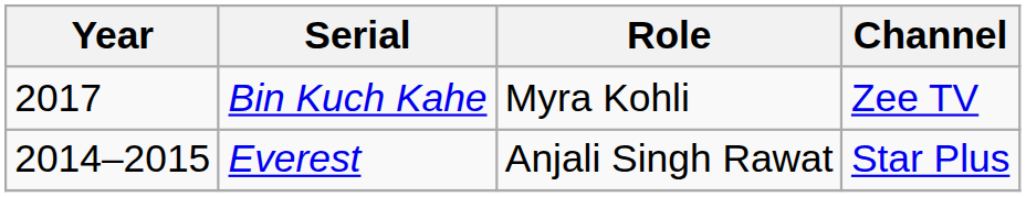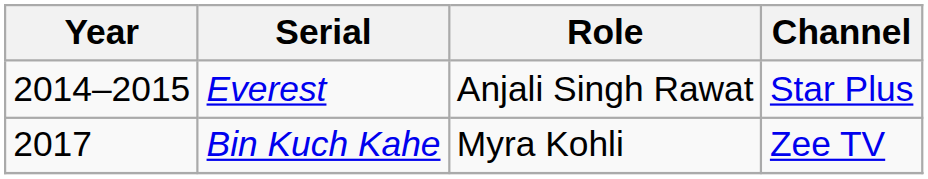 <table class="wikitable sortable">
 <tr>
 <th>Year</th>
 <th>Serial</th>
 <th>Role</th>
 <th>Channel</th>
 </tr>
 <tr>
+<td>2014–2015</td>
+<td><em><a href='#'> Everest</a></em></td>
+<td>Anjali Singh Rawat</td>
+<td><a href='#'>Star Plus</a></td>
+</tr>
+<tr>
 <td>2017</td>
 <td><em><a href='#'>Bin Kuch Kahe</a></em></td>
 <td>Myra Kohli</td>
 <td><a href='#'>Zee TV</a></td>
 </tr>
 <tr>
-<td>2014–2015</td>
-<td><em><a href='#'> Everest</a></em></td>
-<td>Anjali Singh Rawat</td>
-<td><a href='#'>Star Plus</a></td>
-</tr>
-<tr>
 </tr>
 </table>
